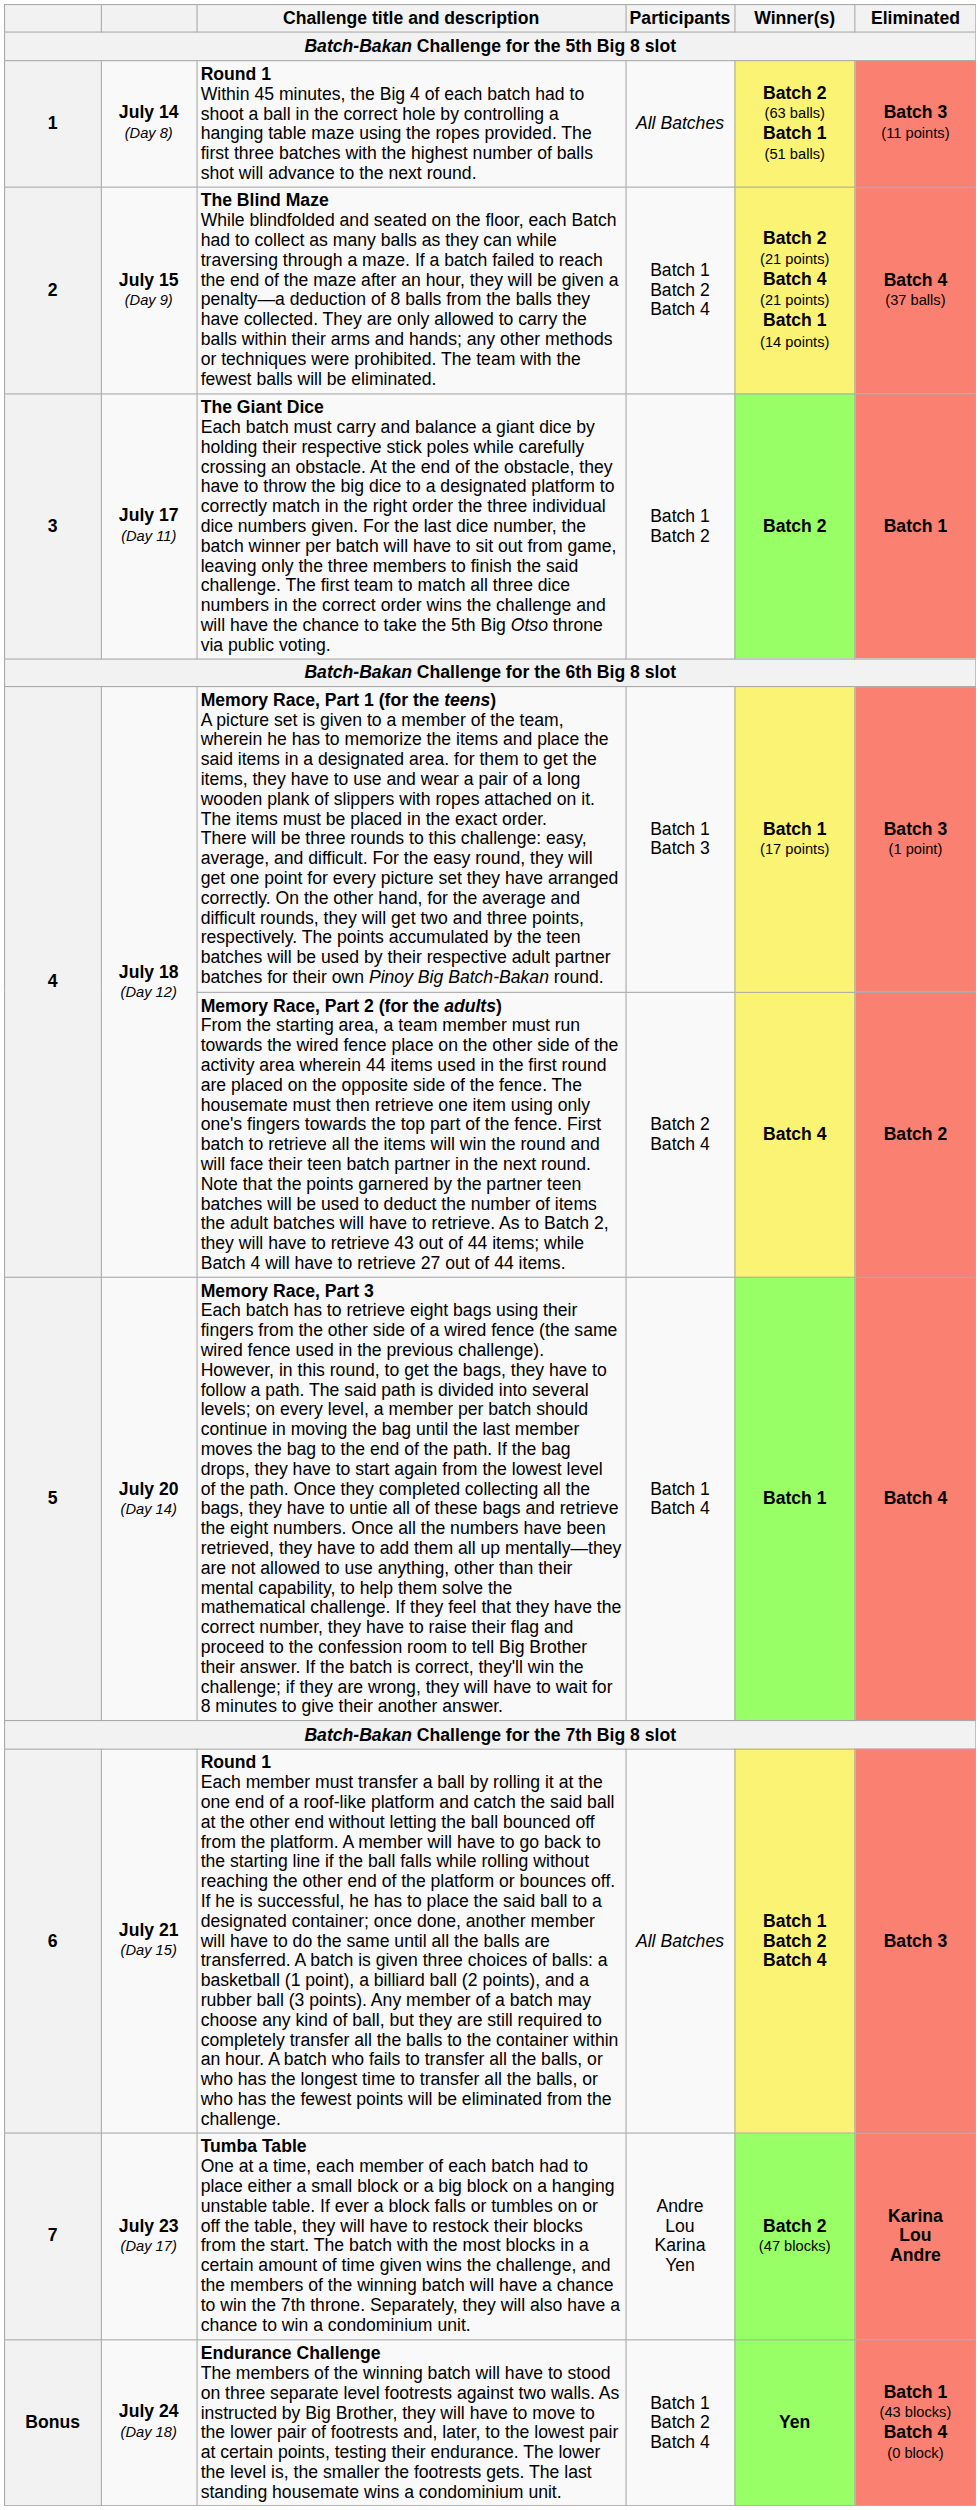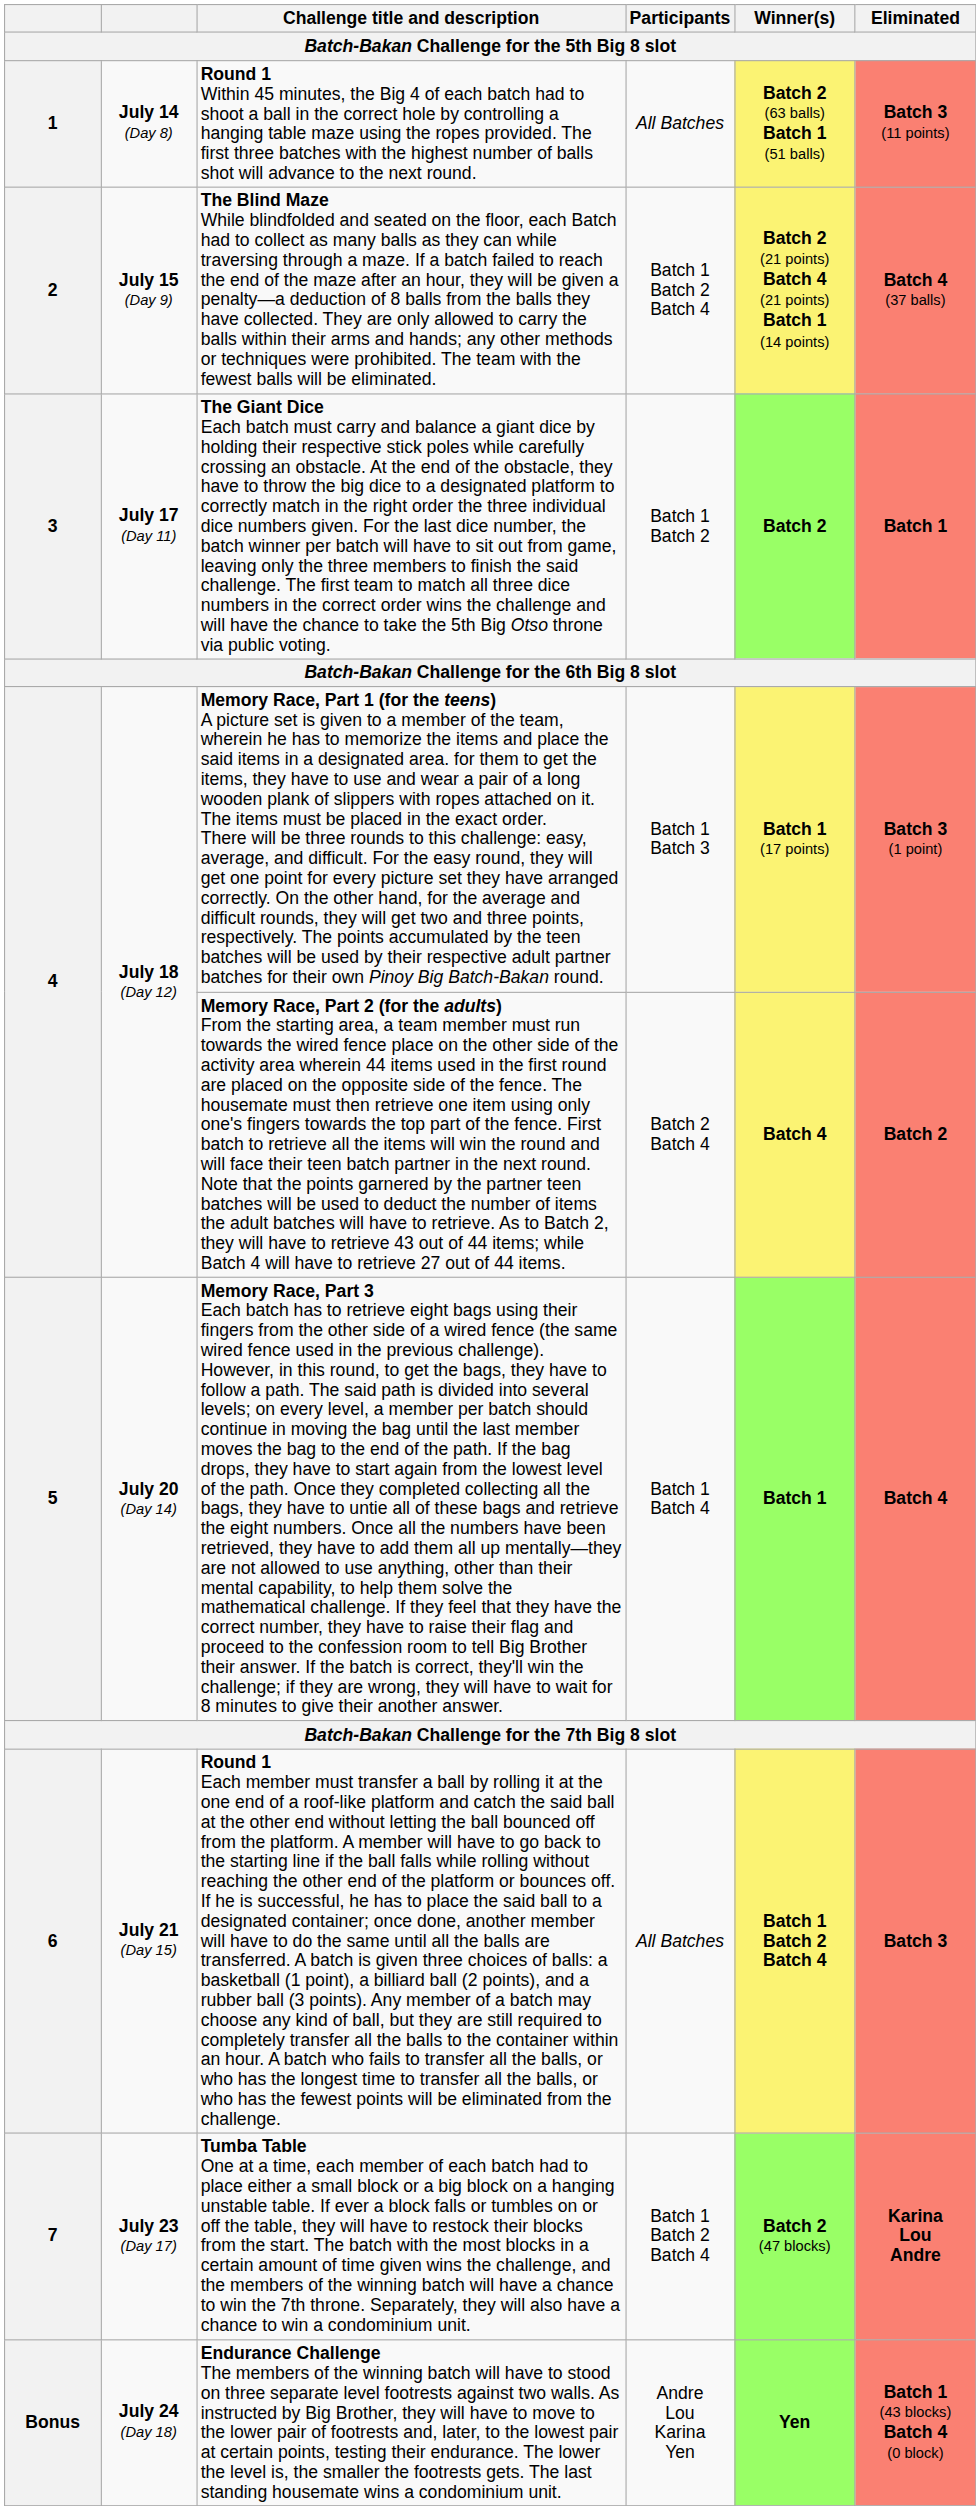 <table class="wikitable" style="text-align:center; font-size:100%; line-height:18px;" width="100%">
 <tr>
 <th style="width: 10%;"></th>
 <th style="width: 10%;"></th>
 <th style="width: 45%;">Challenge title and description</th>
 <th style="width: 10%;">Participants</th>
 <th style="width: 12.5%;">Winner(s)</th>
 <th style="width: 12.5%;">Eliminated</th>
 </tr>
 <tr>
 <th colspan="7"><em>Batch-Bakan</em> Challenge for the 5th Big 8 slot</th>
 </tr>
 <tr>
 <th>1</th>
 <td><strong>July 14</strong><br><small><em>(Day 8)</em></small></td>
 <td align="left"><strong>Round 1</strong><br>Within 45 minutes, the Big 4 of each batch had to shoot a ball in the correct hole by controlling a hanging table maze using the ropes provided. The first three batches with the highest number of balls shot will advance to the next round.</td>
 <td><em>All Batches</em></td>
 <td style="background:#FBF373;" align="center"><strong>Batch 2</strong><br><small>(63 balls)</small><br> <strong>Batch 1</strong><br><small>(51 balls)</small></td>
 <td style="background:#FA8072;" align="center"><strong>Batch 3</strong><br><small>(11 points)</small></td>
 </tr>
 <tr>
 <th>2</th>
 <td><strong>July 15</strong><br><small><em>(Day 9)</em></small></td>
 <td align="left"><strong>The Blind Maze</strong><br>While blindfolded and seated on the floor, each Batch had to collect as many balls as they can while traversing through a maze. If a batch failed to reach the end of the maze after an hour, they will be given a penalty—a deduction of 8 balls from the balls they have collected. They are only allowed to carry the balls within their arms and hands; any other methods or techniques were prohibited. The team with the fewest balls will be eliminated.</td>
 <td>Batch 1<br>Batch 2<br>Batch 4</td>
 <td style="background:#FBF373;" align="center"><strong>Batch 2</strong><br><small>(21 points)</small><br><strong>Batch 4</strong><small><br>(21 points)</small><br><strong>Batch 1</strong><small><br>(14 points)</small></td>
 <td style="background:#FA8072;" align="center"><strong>Batch 4</strong><br><small>(37 balls)</small></td>
 </tr>
 <tr>
 <th>3</th>
 <td><strong>July 17</strong><br><small><em>(Day 11)</em></small></td>
 <td align="left"><strong>The Giant Dice</strong><br>Each batch must carry and balance a giant dice by holding their respective stick poles while carefully crossing an obstacle. At the end of the obstacle, they have to throw the big dice to a designated platform to correctly match in the right order the three individual dice numbers given. For the last dice number, the batch winner per batch will have to sit out from game, leaving only the three members to finish the said challenge. The first team to match all three dice numbers in the correct order wins the challenge and will have the chance to take the 5th Big <em>Otso</em> throne via public voting.</td>
 <td>Batch 1<br>Batch 2</td>
 <td style="background:#99FF66;" align="center"><strong>Batch 2</strong></td>
 <td style="background:#FA8072;" align="center"><strong>Batch 1</strong></td>
 </tr>
 <tr>
 <th colspan="7"><em>Batch-Bakan</em> Challenge for the 6th Big 8 slot</th>
 </tr>
 <tr>
 <th rowspan="2">4</th>
 <td rowspan="2"><strong>July 18</strong><br><small><em>(Day 12)</em></small></td>
 <td align="left"><strong>Memory Race, Part 1 (for the <em>teens</em>)</strong><br>A picture set is given to a member of the team, wherein he has to memorize the items and place the said items in a designated area. for them to get the items, they have to use and wear a pair of a long wooden plank of slippers with ropes attached on it. The items must be placed in the exact order.<br>There will be three rounds to this challenge: easy, average, and difficult. For the easy round, they will get one point for every picture set they have arranged correctly. On the other hand, for the average and difficult rounds, they will get two and three points, respectively. The points accumulated by the teen batches will be used by their respective adult partner batches for their own <em>Pinoy Big Batch-Bakan</em> round.</td>
 <td>Batch 1<br>Batch 3</td>
 <td style="background:#FBF373;" align="center"><strong>Batch 1</strong><br><small>(17 points)</small></td>
 <td style="background:#FA8072;" align="center"><strong>Batch 3</strong><br><small>(1 point)</small></td>
 </tr>
 <tr>
 <td align="left"><strong>Memory Race, Part 2 (for the <em>adults</em>)</strong><br>From the starting area, a team member must run towards the wired fence place on the other side of the activity area wherein 44 items used in the first round are placed on the opposite side of the fence. The housemate must then retrieve one item using only one's fingers towards the top part of the fence. First batch to retrieve all the items will win the round and will face their teen batch partner in the next round.<br>Note that the points garnered by the partner teen batches will be used to deduct the number of items the adult batches will have to retrieve. As to Batch 2, they will have to retrieve 43 out of 44 items; while Batch 4 will have to retrieve 27 out of 44 items.</td>
 <td>Batch 2<br>Batch 4</td>
 <td style="background:#FBF373;" align="center"><strong>Batch 4</strong></td>
 <td style="background:#FA8072;" align="center"><strong>Batch 2</strong></td>
 </tr>
 <tr>
 <th>5</th>
 <td><strong>July 20</strong><br><small><em>(Day 14)</em></small></td>
 <td align="left"><strong>Memory Race, Part 3</strong><br> Each batch has to retrieve eight bags using their fingers from the other side of a wired fence (the same wired fence used in the previous challenge). However, in this round, to get the bags, they have to follow a path. The said path is divided into several levels; on every level, a member per batch should continue in moving the bag until the last member moves the bag to the end of the path. If the bag drops, they have to start again from the lowest level of the path. Once they completed collecting all the bags, they have to untie all of these bags and retrieve the eight numbers. Once all the numbers have been retrieved, they have to add them all up mentally—they are not allowed to use anything, other than their mental capability, to help them solve the mathematical challenge. If they feel that they have the correct number, they have to raise their flag and proceed to the confession room to tell Big Brother their answer. If the batch is correct, they'll win the challenge; if they are wrong, they will have to wait for 8 minutes to give their another answer.</td>
 <td>Batch 1<br>Batch 4</td>
 <td style="background:#99FF66;" align="center"><strong>Batch 1</strong></td>
 <td style="background:#FA8072;" align="center"><strong>Batch 4</strong></td>
 </tr>
 <tr>
 <th colspan="7"><em>Batch-Bakan</em> Challenge for the 7th Big 8 slot</th>
 </tr>
 <tr>
 <th>6</th>
 <td><strong>July 21</strong><br><small><em>(Day 15)</em></small></td>
 <td align="left"><strong>Round 1</strong><br>Each member must transfer a ball by rolling it at the one end of a roof-like platform and catch the said ball at the other end without letting the ball bounced off from the platform. A member will have to go back to the starting line if the ball falls while rolling without reaching the other end of the platform or bounces off. If he is successful, he has to place the said ball to a designated container; once done, another member will have to do the same until all the balls are transferred. A batch is given three choices of balls: a basketball (1 point), a billiard ball (2 points), and a rubber ball (3 points). Any member of a batch may choose any kind of ball, but they are still required to completely transfer all the balls to the container within an hour. A batch who fails to transfer all the balls, or who has the longest time to transfer all the balls, or who has the fewest points will be eliminated from the challenge.</td>
 <td><em>All Batches</em></td>
 <td style="background:#FBF373;" align="center"><strong>Batch 1</strong><br><strong>Batch 2</strong><br><strong>Batch 4</strong></td>
 <td style="background:#FA8072;" align="center"><strong>Batch 3</strong></td>
 </tr>
 <tr>
 <th>7</th>
 <td><strong>July 23</strong><br><small><em>(Day 17)</em></small></td>
 <td align="left"><strong>Tumba Table</strong><br>One at a time, each member of each batch had to place either a small block or a big block on a hanging unstable table. If ever a block falls or tumbles on or off the table, they will have to restock their blocks from the start. The batch with the most blocks in a certain amount of time given wins the challenge, and the members of the winning batch will have a chance to win the 7th throne. Separately, they will also have a chance to win a condominium unit.</td>
-<td>Andre<br>Lou<br>Karina<br>Yen</td>
+<td>Batch 1<br>Batch 2<br>Batch 4</td>
 <td style="background:#99FF66;" align="center"><strong>Batch 2</strong><br><small>(47 blocks)</small></td>
 <td style="background:#FA8072;" align="center"><strong>Karina</strong><br><strong>Lou</strong><br><strong>Andre</strong></td>
 </tr>
 <tr>
 <th>Bonus</th>
 <td><strong>July 24</strong><br><small><em>(Day 18)</em></small></td>
 <td align="left"><strong>Endurance Challenge</strong><br>The members of the winning batch will have to stood on three separate level footrests against two walls. As instructed by Big Brother, they will have to move to the lower pair of footrests and, later, to the lowest pair at certain points, testing their endurance. The lower the level is, the smaller the footrests gets. The last standing housemate wins a condominium unit.</td>
-<td>Batch 1<br>Batch 2<br>Batch 4</td>
+<td>Andre<br>Lou<br>Karina<br>Yen</td>
 <td style="background:#99FF66;" align="center"><strong>Yen</strong></td>
 <td style="background:#FA8072;" align="center"><strong>Batch 1</strong><br><small>(43 blocks)</small><br> <strong>Batch 4</strong><br><small>(0 block)</small></td>
 </tr>
 <tr>
 </tr>
 </table>
